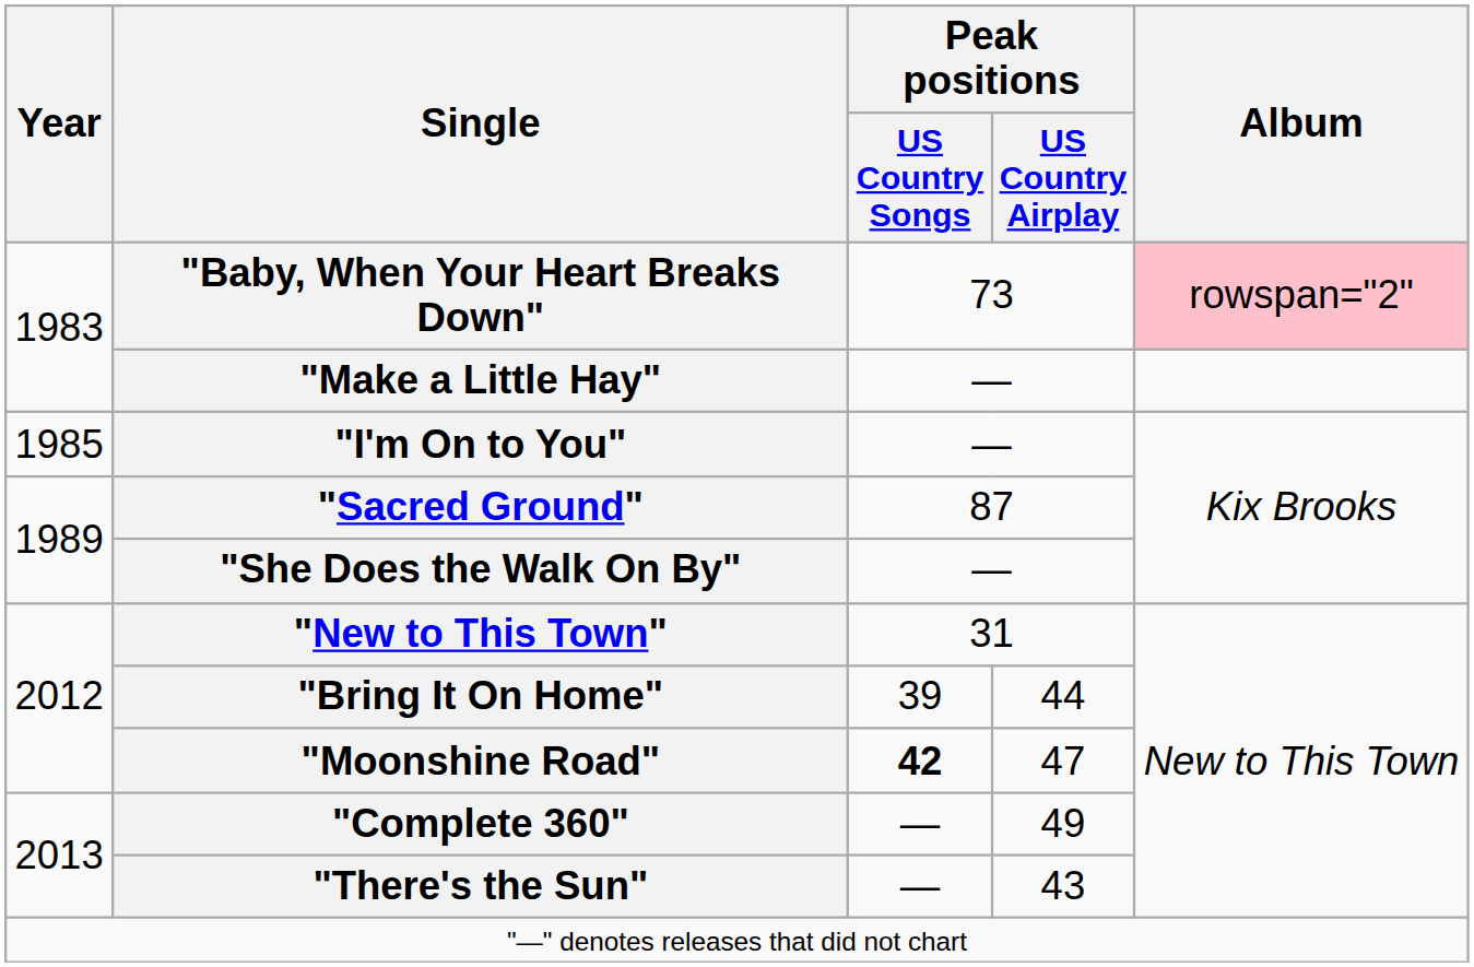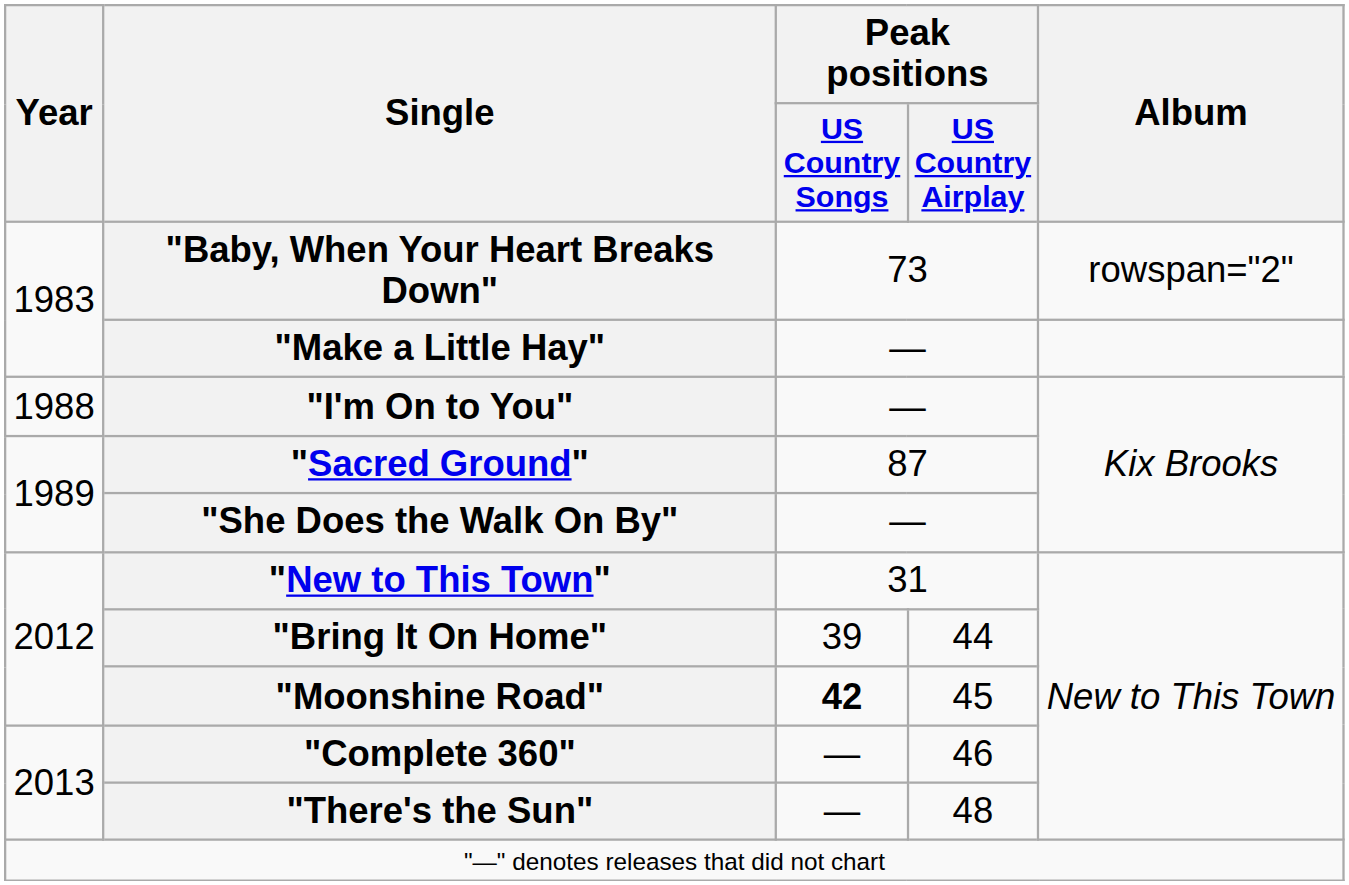 <table class="wikitable plainrowheaders" style="text-align:center;">
 <tr>
 <th rowspan="2">Year</th>
 <th rowspan="2" style="width:18em;">Single</th>
 <th colspan="2">Peak positions</th>
 <th rowspan="2">Album</th>
 </tr>
 <tr style="font-size:smaller;">
 <th style="width:45px;"><a href='#'>US Country Songs</a><br></th>
 <th style="width:45px;"><a href='#'>US Country Airplay</a><br></th>
 </tr>
 <tr>
 <td rowspan="2">1983</td>
 <th scope="row">"Baby, When Your Heart Breaks Down"</th>
 <td colspan="2">73</td>
-<td style="background: pink;">rowspan="2" </td>
+<td>rowspan="2" </td>
 </tr>
 <tr>
 <th scope="row">"Make a Little Hay"</th>
 <td colspan="2">—</td>
 </tr>
 <tr>
-<td>1985</td>
+<td>1988</td>
 <th scope="row">"I'm On to You"</th>
 <td colspan="2">—</td>
 <td rowspan="3"><em>Kix Brooks</em></td>
 </tr>
 <tr>
 <td rowspan="2">1989</td>
 <th scope="row">"<a href='#'>Sacred Ground</a>"</th>
 <td colspan="2">87</td>
 </tr>
 <tr>
 <th scope="row">"She Does the Walk On By"</th>
 <td colspan="2">—</td>
 </tr>
 <tr>
 <td rowspan="3">2012</td>
 <th scope="row">"<a href='#'>New to This Town</a>" </th>
 <td colspan="2">31</td>
 <td rowspan="5"><em>New to This Town</em></td>
 </tr>
 <tr>
 <th scope="row">"Bring It On Home"</th>
 <td>39</td>
 <td>44</td>
 </tr>
 <tr>
 <th scope="row">"Moonshine Road"</th>
 <td><strong>42</strong></td>
-<td>47</td>
+<td>45</td>
 </tr>
 <tr>
 <td rowspan="2">2013</td>
 <th scope="row">"Complete 360"</th>
 <td>—</td>
-<td>49</td>
+<td>46</td>
 </tr>
 <tr>
 <th scope="row">"There's the Sun"</th>
 <td>—</td>
-<td>43</td>
+<td>48</td>
 </tr>
 <tr>
 <td colspan="5" style="font-size:8pt">"—" denotes releases that did not chart</td>
 </tr>
 </table>
